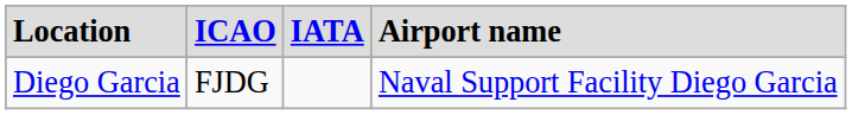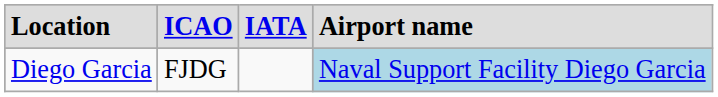 <table class="wikitable sortable" style="font-size:95%;">
 <tr valign=baseline style="font-weight:bold; background-color: #DDDDDD;">
 <td>Location</td>
 <td><a href='#'>ICAO</a></td>
 <td><a href='#'>IATA</a></td>
 <td>Airport name</td>
 </tr>
 <tr valign=top>
 <td><a href='#'>Diego Garcia</a></td>
 <td>FJDG</td>
 <td></td>
-<td><a href='#'>Naval Support Facility Diego Garcia</a></td>
+<td style="background: lightblue;"><a href='#'>Naval Support Facility Diego Garcia</a></td>
 </tr>
 </table>
